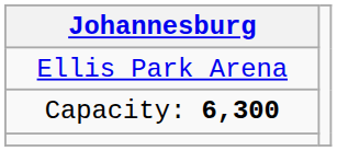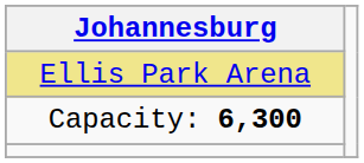 <table class="wikitable" style="text-align:center" align=center>
 <tr>
 <th><a href='#'>Johannesburg</a></th>
 <td rowspan=6></td>
 </tr>
 <tr>
-<td width=150px><a href='#'>Ellis Park Arena</a></td>
+<td width=150px style="background: khaki;"><a href='#'>Ellis Park Arena</a></td>
 </tr>
 <tr>
 <td>Capacity: <strong>6,300</strong></td>
 </tr>
 <tr>
 <td></td>
 </tr>
 </table>
